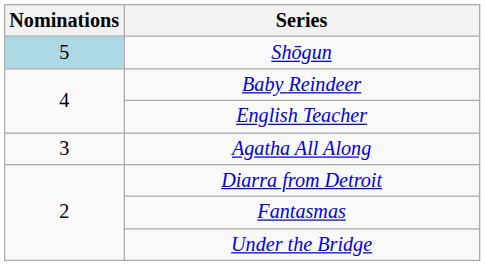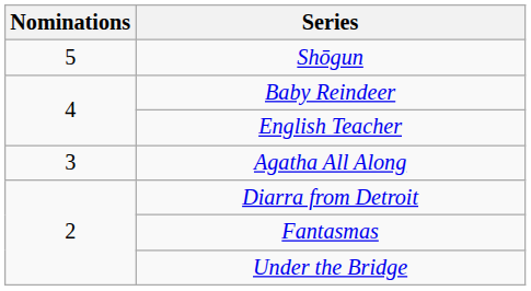 <table class="wikitable" rowspan="2" border="2" style="text-align:center;">
 <tr>
 <th scope="col" width="50">Nominations</th>
 <th scope="col" width="275">Series</th>
 </tr>
 <tr>
-<td style="background: lightblue;">5</td>
+<td>5</td>
 <td><em><a href='#'>Shōgun</a></em></td>
 </tr>
 <tr>
 <td rowspan="2">4</td>
 <td><em><a href='#'>Baby Reindeer</a></em></td>
 </tr>
 <tr>
 <td><em><a href='#'>English Teacher</a></em></td>
 </tr>
 <tr>
 <td>3</td>
 <td><em><a href='#'>Agatha All Along</a></em></td>
 </tr>
 <tr>
 <td rowspan="3">2</td>
 <td><em><a href='#'>Diarra from Detroit</a></em></td>
 </tr>
 <tr>
 <td><em><a href='#'>Fantasmas</a></em></td>
 </tr>
 <tr>
 <td><em><a href='#'>Under the Bridge</a></em></td>
 </tr>
 </table>
